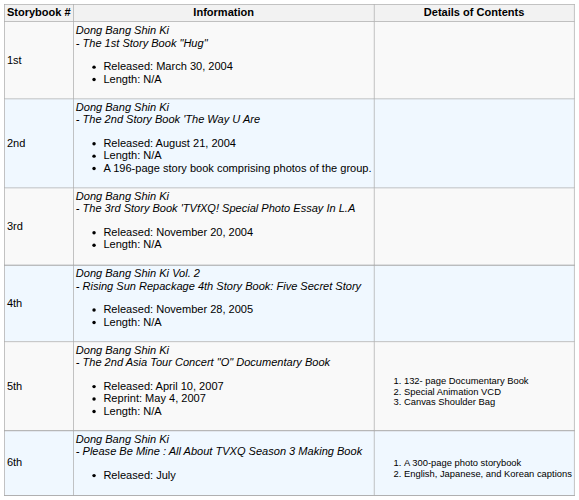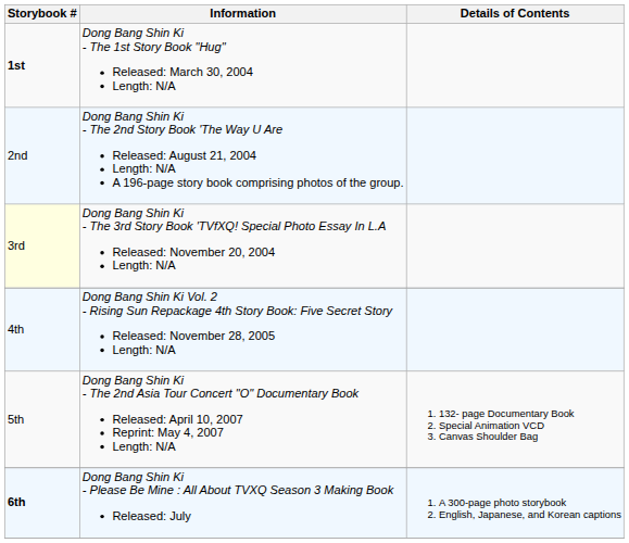 <table class="wikitable">
 <tr>
 <th>Storybook #</th>
 <th>Information</th>
 <th>Details of Contents</th>
 </tr>
 <tr>
-<td>1st</td>
+<td><strong>1st</strong></td>
 <td><em>Dong Bang Shin Ki <br>- The 1st Story Book "Hug"</em><br><ul><li>Released: March 30, 2004</li><li>Length: N/A</li></ul></td>
 <td style="font-size: 85%;"></td>
 </tr>
 <tr bgcolor="#F0F8FF">
 <td>2nd</td>
 <td><em>Dong Bang Shin Ki <br>- The 2nd Story Book 'The Way U Are</em><br><ul><li>Released: August 21, 2004</li><li>Length: N/A</li><li>A 196-page story book comprising photos of the group.</li></ul></td>
 <td style="font-size: 85%;"></td>
 </tr>
 <tr>
-<td>3rd</td>
+<td style="background: lightyellow;">3rd</td>
 <td><em>Dong Bang Shin Ki <br>- The 3rd Story Book 'TVfXQ! Special Photo Essay In L.A</em><br><ul><li>Released: November 20, 2004</li><li>Length: N/A</li></ul></td>
 <td style="font-size: 85%;"></td>
 </tr>
 <tr>
 </tr>
 <tr bgcolor="#F0F8FF">
 <td>4th</td>
 <td><em>Dong Bang Shin Ki Vol. 2 <br>- Rising Sun Repackage 4th Story Book: Five Secret Story </em><br><ul><li>Released: November 28, 2005</li><li>Length: N/A</li></ul></td>
 <td style="font-size: 85%;"></td>
 </tr>
 <tr>
 <td>5th</td>
 <td><em>Dong Bang Shin Ki <br>- The 2nd Asia Tour Concert "O" Documentary Book</em><br><ul><li>Released: April 10, 2007</li><li>Reprint: May 4, 2007</li><li>Length: N/A</li></ul></td>
 <td style="font-size: 85%;"><br><ol><li>132- page Documentary Book</li><li>Special Animation VCD</li><li>Canvas Shoulder Bag</li></ol></td>
 </tr>
 <tr>
 </tr>
 <tr bgcolor="#F0F8FF">
-<td>6th</td>
+<td><strong>6th</strong></td>
 <td><em> Dong Bang Shin Ki  <br>- Please Be Mine : All About TVXQ Season 3 Making Book </em><br><ul><li>Released: July</li></ul></td>
 <td style="font-size: 85%;"><br><ol><li>A 300-page photo storybook</li><li>English, Japanese, and Korean captions</li></ol></td>
 </tr>
 <tr>
 </tr>
 <tr>
 </tr>
 </table>
